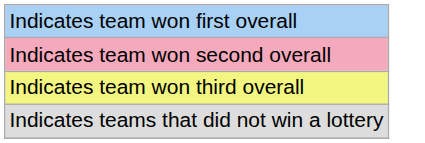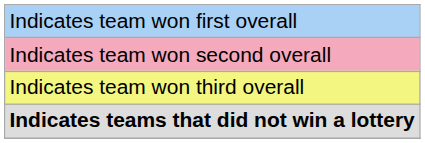 <table class="wikitable">
 <tr>
 <td style="background:#A9D0F5;">Indicates team won first overall</td>
 </tr>
 <tr>
 <td style="background:#F5A9BC;">Indicates team won second overall</td>
 </tr>
 <tr>
 <td style="background:#F3F781;">Indicates team won third overall</td>
 </tr>
 <tr>
-<td style="background:#DDDDDD;">Indicates teams that did not win a lottery</td>
+<td style="background:#DDDDDD;"><strong>Indicates teams that did not win a lottery</strong></td>
 </tr>
 <tr>
 </tr>
 </table>
